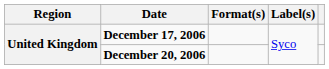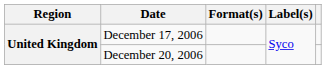 <table class="wikitable plainrowheaders">
 <tr>
 <th scope="col">Region</th>
 <th scope="col">Date</th>
 <th scope="col">Format(s)</th>
 <th scope="col">Label(s)</th>
 <th scope="col"></th>
 </tr>
 <tr>
 <th scope="row" rowspan="2">United Kingdom</th>
-<td><strong>December 17, 2006</strong></td>
+<td>December 17, 2006</td>
 <td></td>
 <td rowspan="2"><a href='#'>Syco</a></td>
 <td></td>
 </tr>
 <tr>
-<td><strong>December 20, 2006</strong></td>
+<td>December 20, 2006</td>
 <td></td>
 <td></td>
 </tr>
 </table>
